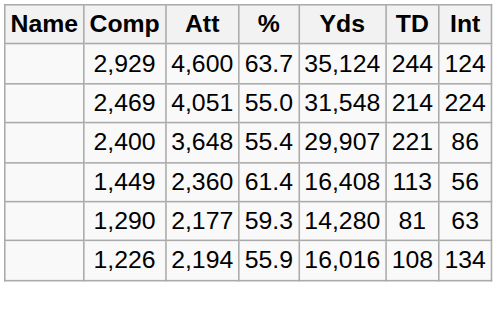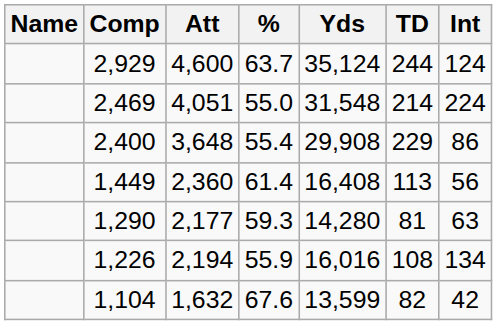 <table class="wikitable sortable" style="text-align:center">
 <tr>
 <th scope="col">Name</th>
 <th scope="col">Comp</th>
 <th scope="col">Att</th>
 <th scope="col">%</th>
 <th scope="col">Yds</th>
 <th scope="col">TD</th>
 <th scope="col">Int</th>
 </tr>
 <tr>
 <td></td>
 <td>2,929</td>
 <td>4,600</td>
 <td>63.7</td>
 <td>35,124</td>
 <td>244</td>
 <td>124</td>
 </tr>
 <tr>
 <td></td>
 <td>2,469</td>
 <td>4,051</td>
 <td>55.0</td>
 <td>31,548</td>
 <td>214</td>
 <td>224</td>
 </tr>
 <tr>
 <td></td>
 <td>2,400</td>
 <td>3,648</td>
 <td>55.4</td>
-<td>29,907</td>
-<td>221</td>
+<td>29,908</td>
+<td>229</td>
 <td>86</td>
 </tr>
 <tr>
 <td></td>
 <td>1,449</td>
 <td>2,360</td>
 <td>61.4</td>
 <td>16,408</td>
 <td>113</td>
 <td>56</td>
 </tr>
 <tr>
 <td></td>
 <td>1,290</td>
 <td>2,177</td>
 <td>59.3</td>
 <td>14,280</td>
 <td>81</td>
 <td>63</td>
 </tr>
 <tr>
 <td></td>
 <td>1,226</td>
 <td>2,194</td>
 <td>55.9</td>
 <td>16,016</td>
 <td>108</td>
 <td>134</td>
 </tr>
+<tr>
+<td></td>
+<td>1,104</td>
+<td>1,632</td>
+<td>67.6</td>
+<td>13,599</td>
+<td>82</td>
+<td>42</td>
+</tr>
 </table>
